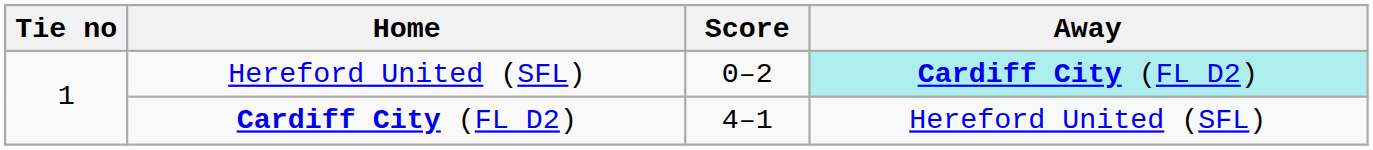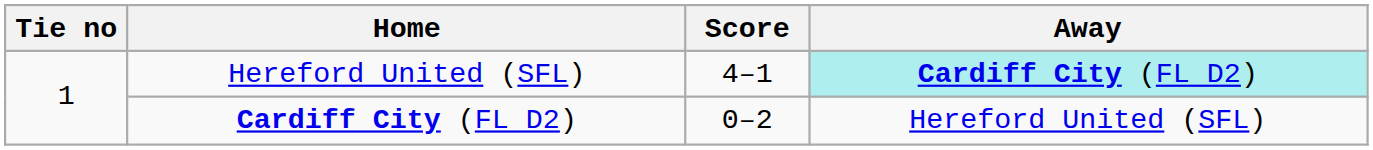 <table class="wikitable" style="text-align:center">
 <tr>
 <th width=50>Tie no</th>
 <th width=250>Home</th>
 <th width=50>Score</th>
 <th width=250>Away</th>
 </tr>
 <tr>
 <td rowspan=2>1</td>
 <td><a href='#'>Hereford United</a> (<a href='#'>SFL</a>)</td>
-<td>0–2</td>
+<td>4–1</td>
 <td style="background: paleturquoise;"><strong><a href='#'>Cardiff City</a></strong> (<a href='#'>FL D2</a>)</td>
 </tr>
 <tr>
 <td><strong><a href='#'>Cardiff City</a></strong> (<a href='#'>FL D2</a>)</td>
-<td>4–1</td>
+<td>0–2</td>
 <td><a href='#'>Hereford United</a> (<a href='#'>SFL</a>)</td>
 </tr>
 </table>
